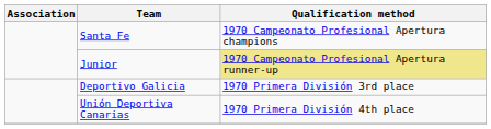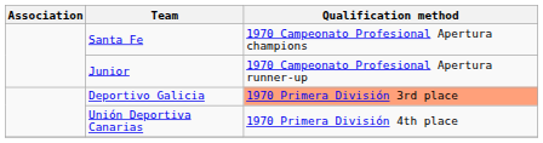 <table class="wikitable">
 <tr>
 <th>Association</th>
 <th>Team </th>
 <th>Qualification method</th>
 </tr>
 <tr>
 <td rowspan=2><br></td>
 <td><a href='#'>Santa Fe</a></td>
 <td><a href='#'>1970 Campeonato Profesional</a> Apertura champions</td>
 </tr>
 <tr>
 <td><a href='#'>Junior</a></td>
-<td style="background: khaki;"><a href='#'>1970 Campeonato Profesional</a> Apertura runner-up</td>
+<td><a href='#'>1970 Campeonato Profesional</a> Apertura runner-up</td>
 </tr>
 <tr>
 <td rowspan=2><br></td>
 <td><a href='#'>Deportivo Galicia</a></td>
-<td><a href='#'>1970 Primera División</a> 3rd place</td>
+<td style="background: lightsalmon;"><a href='#'>1970 Primera División</a> 3rd place</td>
 </tr>
 <tr>
 <td><a href='#'>Unión Deportiva Canarias</a></td>
 <td><a href='#'>1970 Primera División</a> 4th place</td>
 </tr>
 <tr>
 </tr>
 </table>
